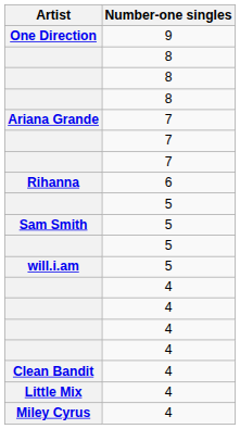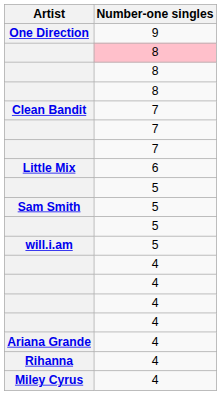 <table class="wikitable plainrowheaders sortable">
 <tr>
 <th scope=col>Artist</th>
 <th scope=col>Number-one singles</th>
 </tr>
 <tr>
 <th scope=row><a href='#'>One Direction</a></th>
 <td align=center>9</td>
 </tr>
 <tr>
 <th scope=row></th>
-<td align=center>8</td>
+<td align=center style="background: pink;">8</td>
 </tr>
 <tr>
 <th scope=row></th>
 <td align=center>8</td>
 </tr>
 <tr>
 <th scope=row></th>
 <td align=center>8</td>
 </tr>
 <tr>
-<th scope=row><a href='#'>Ariana Grande</a></th>
+<th scope=row><a href='#'>Clean Bandit</a></th>
 <td align=center>7</td>
 </tr>
 <tr>
 <th scope=row></th>
 <td align=center>7</td>
 </tr>
 <tr>
 <th scope=row></th>
 <td align=center>7</td>
 </tr>
 <tr>
-<th scope=row><a href='#'>Rihanna</a></th>
+<th scope=row><a href='#'>Little Mix</a></th>
 <td align=center>6</td>
 </tr>
 <tr>
 <th scope=row></th>
 <td align=center>5</td>
 </tr>
 <tr>
 <th scope=row><a href='#'>Sam Smith</a></th>
 <td align=center>5</td>
 </tr>
 <tr>
 <th scope=row></th>
 <td align=center>5</td>
 </tr>
 <tr>
 <th scope=row><a href='#'>will.i.am</a></th>
 <td align=center>5</td>
 </tr>
 <tr>
 <th scope=row></th>
 <td align=center>4</td>
 </tr>
 <tr>
 <th scope=row></th>
 <td align=center>4</td>
 </tr>
 <tr>
 <th scope=row></th>
 <td align=center>4</td>
 </tr>
 <tr>
 <th scope=row></th>
 <td align=center>4</td>
 </tr>
 <tr>
-<th scope=row><a href='#'>Clean Bandit</a></th>
+<th scope=row><a href='#'>Ariana Grande</a></th>
 <td align=center>4</td>
 </tr>
 <tr>
-<th scope=row><a href='#'>Little Mix</a></th>
+<th scope=row><a href='#'>Rihanna</a></th>
 <td align=center>4</td>
 </tr>
 <tr>
 <th scope=row><a href='#'>Miley Cyrus</a></th>
 <td align=center>4</td>
 </tr>
 </table>
